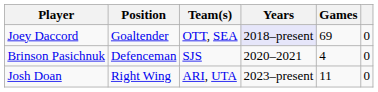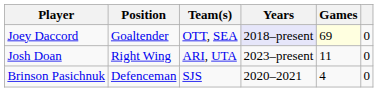 <table class="wikitable sortable">
 <tr>
 <th>Player</th>
 <th>Position</th>
 <th>Team(s)</th>
 <th>Years</th>
 <th>Games</th>
 <th><a href='#'></a></th>
 </tr>
 <tr>
 <td><a href='#'>Joey Daccord</a></td>
 <td><a href='#'>Goaltender</a></td>
 <td><a href='#'>OTT</a>, <a href='#'>SEA</a></td>
 <td style="background: lavender;">2018–present</td>
-<td>69</td>
+<td style="background: lightyellow;">69</td>
+<td>0</td>
+</tr>
+<tr>
+<td><a href='#'>Josh Doan</a></td>
+<td><a href='#'>Right Wing</a></td>
+<td><a href='#'>ARI</a>, <a href='#'>UTA</a></td>
+<td>2023–present</td>
+<td>11</td>
 <td>0</td>
 </tr>
 <tr>
 <td><a href='#'>Brinson Pasichnuk</a></td>
 <td><a href='#'>Defenceman</a></td>
 <td><a href='#'>SJS</a></td>
 <td>2020–2021</td>
 <td>4</td>
 <td>0</td>
 </tr>
-<tr>
-<td><a href='#'>Josh Doan</a></td>
-<td><a href='#'>Right Wing</a></td>
-<td><a href='#'>ARI</a>, <a href='#'>UTA</a></td>
-<td>2023–present</td>
-<td>11</td>
-<td>0</td>
-</tr>
 </table>
